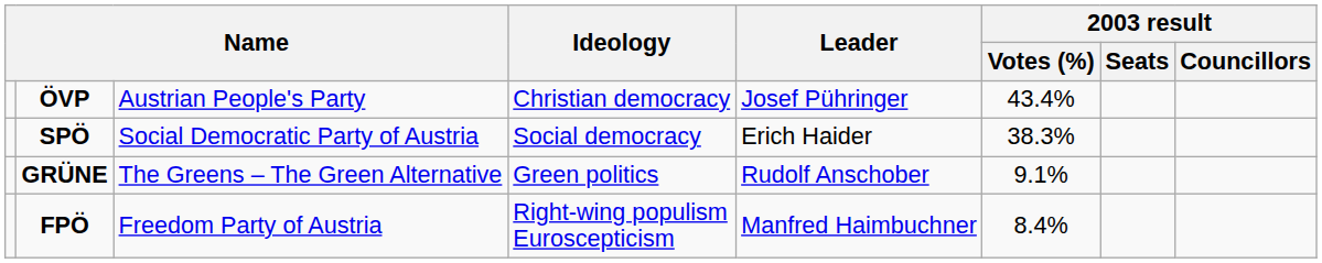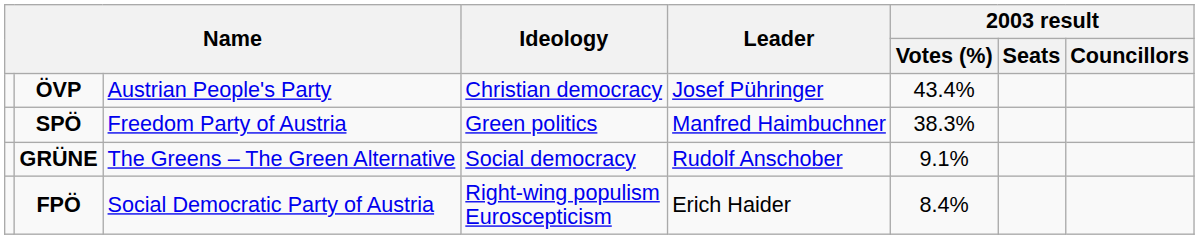 <table class="wikitable">
 <tr>
 <th rowspan="2" colspan="3">Name</th>
 <th rowspan="2">Ideology</th>
 <th rowspan="2">Leader</th>
 <th colspan="3">2003 result</th>
 </tr>
 <tr>
 <th>Votes (%)</th>
 <th>Seats</th>
 <th>Councillors</th>
 </tr>
 <tr>
 <td style="background:"></td>
 <td style="text-align:center;"><strong>ÖVP</strong></td>
 <td><a href='#'>Austrian People's Party</a><br></td>
 <td><a href='#'>Christian democracy</a></td>
 <td><a href='#'>Josef Pühringer</a></td>
 <td style="text-align:center;">43.4%</td>
 <td></td>
 <td></td>
 </tr>
 <tr>
 <td style="background:"></td>
 <td style="text-align:center;"><strong>SPÖ</strong></td>
-<td><a href='#'>Social Democratic Party of Austria</a><br></td>
-<td><a href='#'>Social democracy</a></td>
-<td>Erich Haider</td>
+<td><a href='#'>Freedom Party of Austria</a><br></td>
+<td><a href='#'>Green politics</a></td>
+<td><a href='#'>Manfred Haimbuchner</a></td>
 <td style="text-align:center;">38.3%</td>
 <td></td>
 <td></td>
 </tr>
 <tr>
 <td style="background:"></td>
 <td style="text-align:center;"><strong>GRÜNE</strong></td>
 <td><a href='#'>The Greens – The Green Alternative</a><br></td>
-<td><a href='#'>Green politics</a></td>
+<td><a href='#'>Social democracy</a></td>
 <td><a href='#'>Rudolf Anschober</a></td>
 <td style="text-align:center;">9.1%</td>
 <td></td>
 <td></td>
 </tr>
 <tr>
 <td style="background:"></td>
 <td style="text-align:center;"><strong>FPÖ</strong></td>
-<td><a href='#'>Freedom Party of Austria</a><br></td>
+<td><a href='#'>Social Democratic Party of Austria</a><br></td>
 <td><a href='#'>Right-wing populism</a><br><a href='#'>Euroscepticism</a></td>
-<td><a href='#'>Manfred Haimbuchner</a></td>
+<td>Erich Haider</td>
 <td style="text-align:center;">8.4%</td>
 <td></td>
 <td></td>
 </tr>
 </table>
